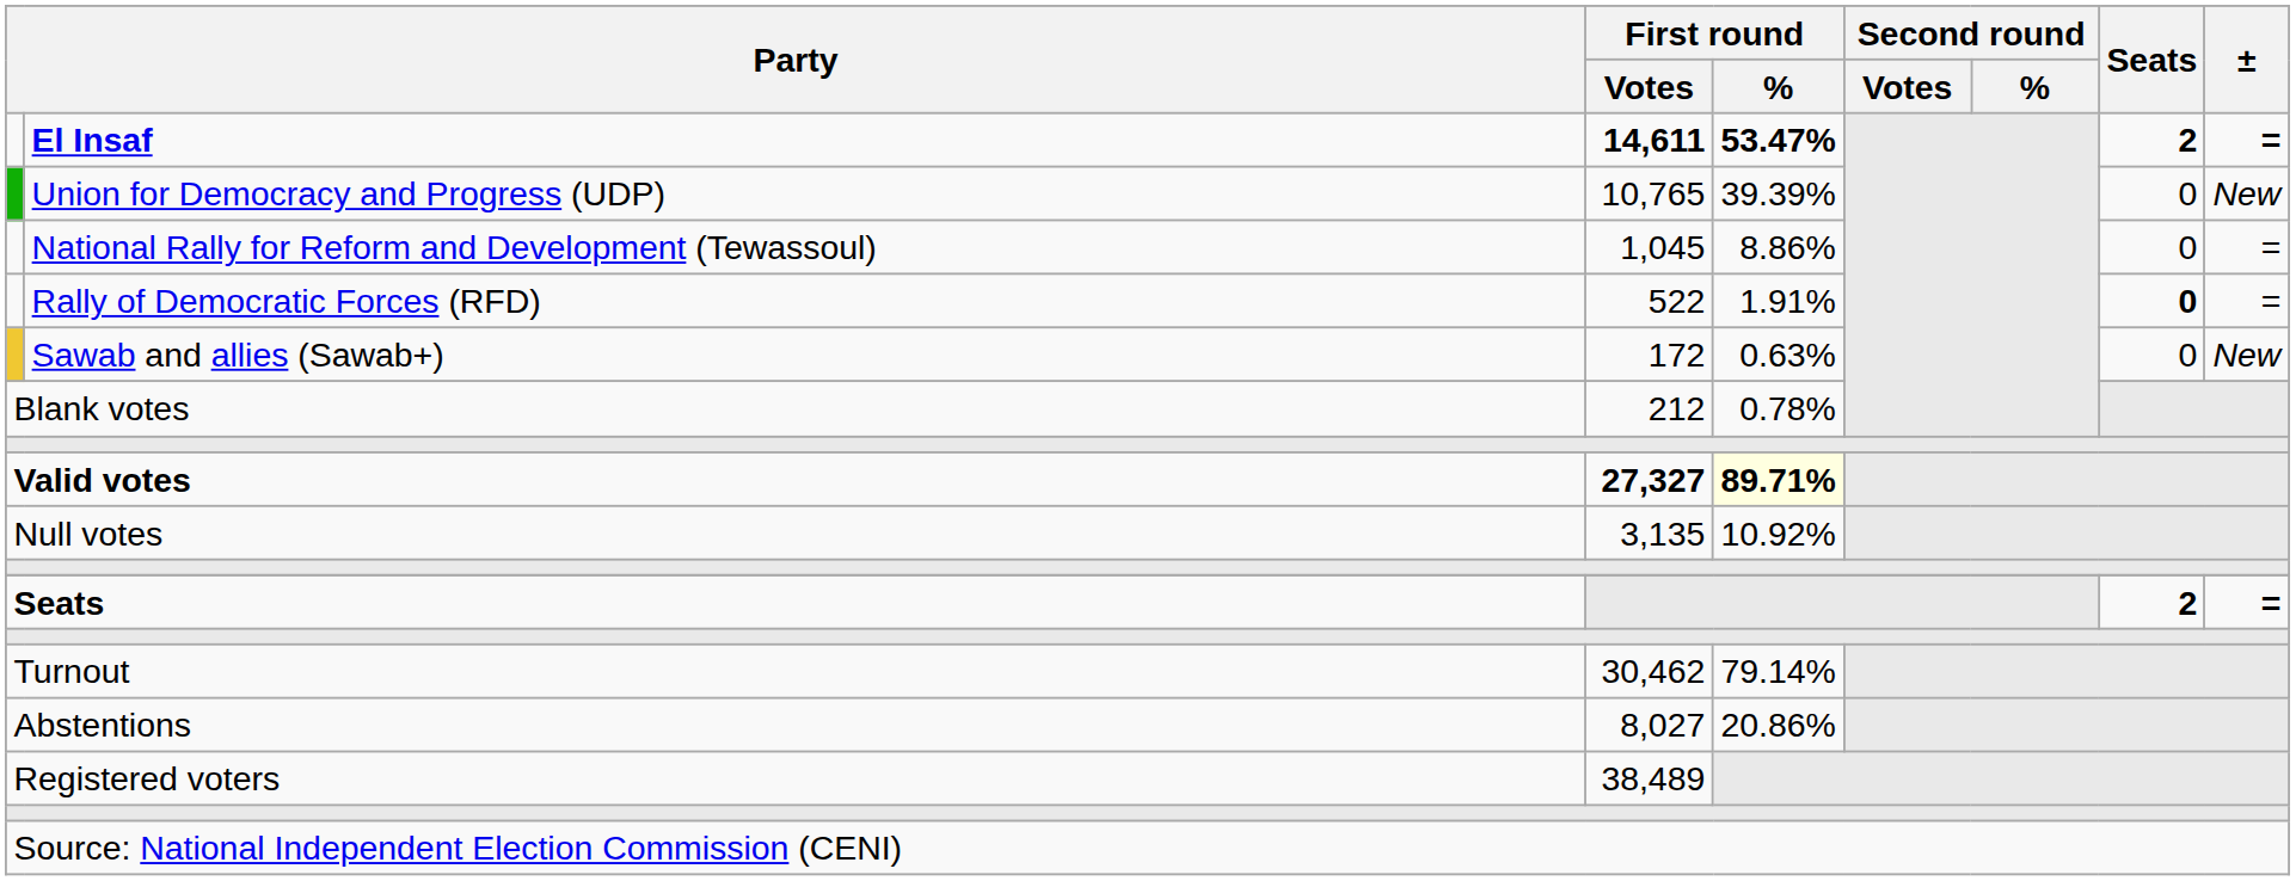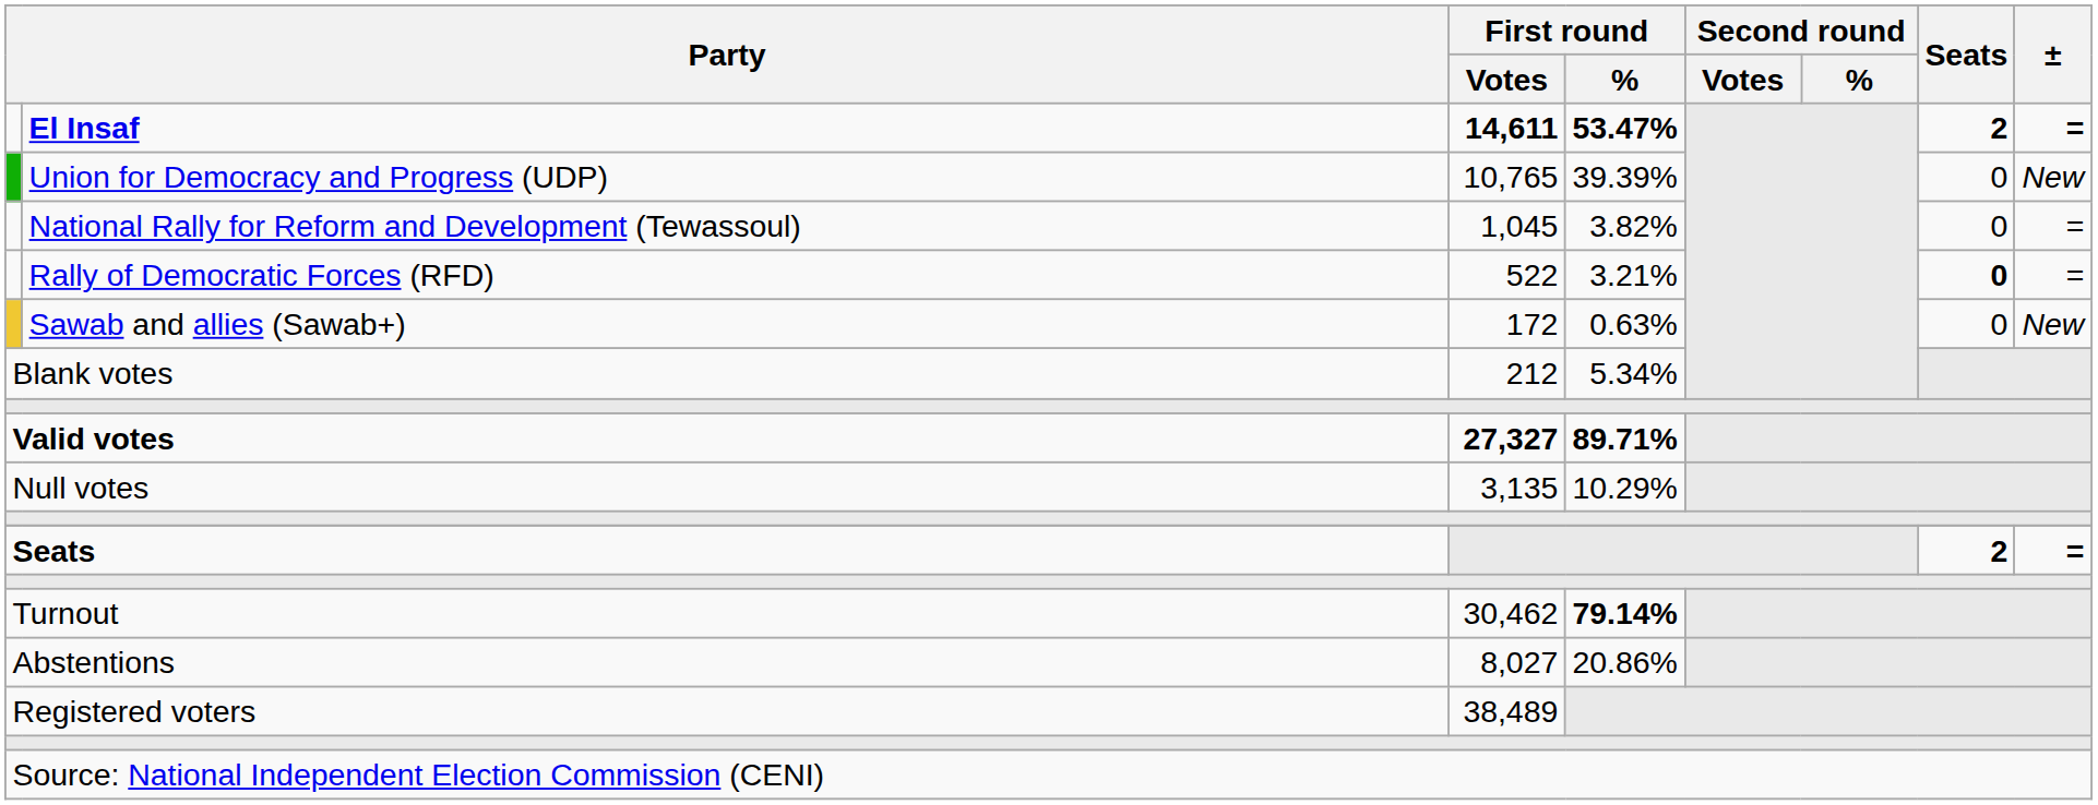 <table class="wikitable" style="text-align:right;font-size:95%;">
 <tr>
 <th rowspan="2" colspan="2" width="700">Party</th>
 <th colspan="2">First round</th>
 <th colspan="2">Second round</th>
 <th rowspan="2" width="25">Seats</th>
 <th rowspan="2" width="20">±</th>
 </tr>
 <tr>
 <th width="50">Votes</th>
 <th width="50">%</th>
 <th width="50">Votes</th>
 <th width="50">%</th>
 </tr>
 <tr>
 <td width="1" style="color:inherit;background:"></td>
 <td style="text-align:left;"><strong><a href='#'>El Insaf</a></strong></td>
 <td><strong>14,611</strong></td>
 <td><strong>53.47%</strong></td>
 <td colspan="2" rowspan="6" style="background:#E9E9E9;"></td>
 <td><strong>2</strong></td>
 <td><strong>=</strong></td>
 </tr>
 <tr>
 <td width="1" style="color:inherit;background:#0FAF05;"></td>
 <td style="text-align:left;"><a href='#'>Union for Democracy and Progress</a> (UDP)</td>
 <td>10,765</td>
 <td>39.39%</td>
 <td>0</td>
 <td><em>New</em></td>
 </tr>
 <tr>
 <td width="1" style="color:inherit;background:"></td>
 <td style="text-align:left;"><a href='#'>National Rally for Reform and Development</a> (Tewassoul)</td>
 <td>1,045</td>
-<td>8.86%</td>
+<td>3.82%</td>
 <td>0</td>
 <td>=</td>
 </tr>
 <tr>
 <td width="1" style="color:inherit;background:"></td>
 <td style="text-align:left;"><a href='#'>Rally of Democratic Forces</a> (RFD)</td>
 <td>522</td>
-<td>1.91%</td>
+<td>3.21%</td>
 <td><strong>0</strong></td>
 <td>=</td>
 </tr>
 <tr>
 <td width="1" style="color:inherit;background:#F0C832;"></td>
 <td style="text-align:left;"><a href='#'>Sawab</a> and <a href='#'>allies</a> (Sawab+)</td>
 <td>172</td>
 <td>0.63%</td>
 <td>0</td>
 <td><em>New</em></td>
 </tr>
 <tr>
 <td colspan="2" style="text-align:left;">Blank votes</td>
 <td>212</td>
-<td>0.78%</td>
+<td>5.34%</td>
 <td colspan="4" style="background:#E9E9E9;"></td>
 </tr>
 <tr>
 <td colspan="8" style="background:#E9E9E9;"></td>
 </tr>
 <tr style="font-weight:bold;">
 <td colspan="2" style="text-align:left;">Valid votes</td>
 <td>27,327</td>
-<td style="background: lightyellow;">89.71%</td>
+<td>89.71%</td>
 <td colspan="4" style="background:#E9E9E9;"></td>
 </tr>
 <tr>
 <td colspan="2" style="text-align:left;">Null votes</td>
 <td>3,135</td>
-<td>10.92%</td>
+<td>10.29%</td>
 <td colspan="4" style="background:#E9E9E9;"></td>
 </tr>
 <tr>
 <td colspan="8" style="background:#E9E9E9;"></td>
 </tr>
 <tr>
 </tr>
 <tr style="font-weight:bold;">
 <td colspan="2" style="text-align:left;">Seats</td>
 <td colspan="4" style="background:#E9E9E9;"></td>
 <td>2</td>
 <td>=</td>
 </tr>
 <tr>
 <td colspan="8" style="background:#E9E9E9;"></td>
 </tr>
 <tr>
 <td colspan="2" style="text-align:left;">Turnout</td>
 <td>30,462</td>
-<td>79.14%</td>
+<td><strong>79.14%</strong></td>
 <td colspan="4" style="background:#E9E9E9;"></td>
 </tr>
 <tr>
 <td colspan="2" style="text-align:left;">Abstentions</td>
 <td>8,027</td>
 <td>20.86%</td>
 <td colspan="4" style="background:#E9E9E9;"></td>
 </tr>
 <tr>
 <td colspan="2" style="text-align:left;">Registered voters</td>
 <td>38,489</td>
 <td colspan="5" style="background:#E9E9E9;"></td>
 </tr>
 <tr>
 <td colspan="8" style="background:#E9E9E9;"></td>
 </tr>
 <tr>
 <td colspan="8" style="text-align:left;">Source: <a href='#'>National Independent Election Commission</a> (CENI)</td>
 </tr>
 </table>
